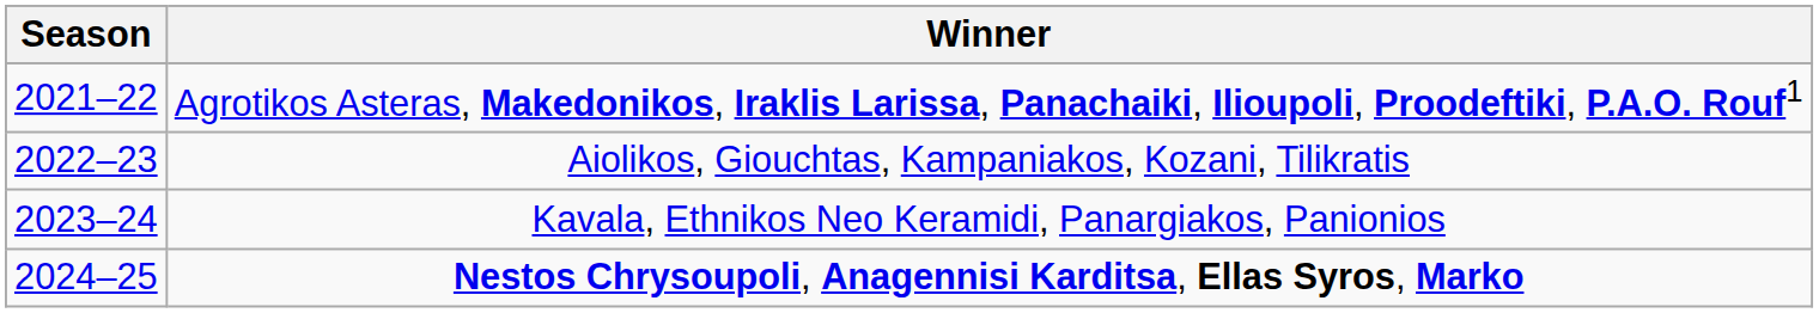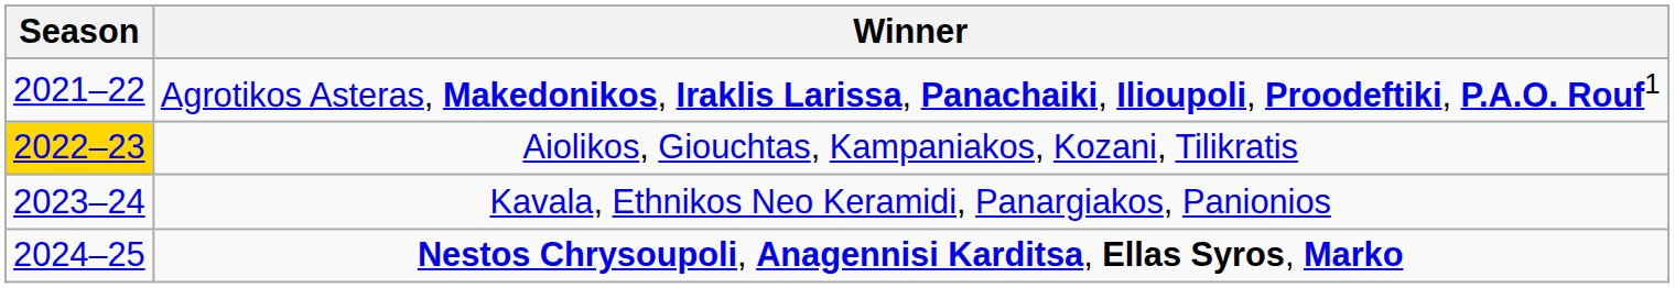 <table class="wikitable" style="text-align:center;">
 <tr>
 <th>Season</th>
 <th>Winner</th>
 </tr>
 <tr>
 <td style="text-align:center;"><a href='#'>2021–22</a></td>
 <td><a href='#'>Agrotikos Asteras</a>, <strong><a href='#'>Makedonikos</a></strong>, <strong><a href='#'>Iraklis Larissa</a></strong>, <strong><a href='#'>Panachaiki</a></strong>, <strong><a href='#'>Ilioupoli</a></strong>, <strong><a href='#'>Proodeftiki</a></strong>, <strong><a href='#'>P.A.O. Rouf</a></strong><sup>1</sup></td>
 </tr>
 <tr>
-<td style="text-align:center;"><a href='#'>2022–23</a></td>
+<td style="background: gold; text-align:center;"><a href='#'>2022–23</a></td>
 <td><a href='#'>Aiolikos</a>, <a href='#'>Giouchtas</a>, <a href='#'>Kampaniakos</a>, <a href='#'>Kozani</a>, <a href='#'>Tilikratis</a></td>
 </tr>
 <tr>
 <td style="text-align:center;"><a href='#'>2023–24</a></td>
 <td><a href='#'>Kavala</a>, <a href='#'>Ethnikos Neo Keramidi</a>, <a href='#'>Panargiakos</a>, <a href='#'>Panionios</a></td>
 </tr>
 <tr>
 <td style="text-align:center;"><a href='#'>2024–25</a></td>
 <td><strong><a href='#'>Nestos Chrysoupoli</a></strong>, <strong><a href='#'>Anagennisi Karditsa</a></strong>, <strong>Ellas Syros</strong>, <strong><a href='#'>Marko</a></strong></td>
 </tr>
 </table>
